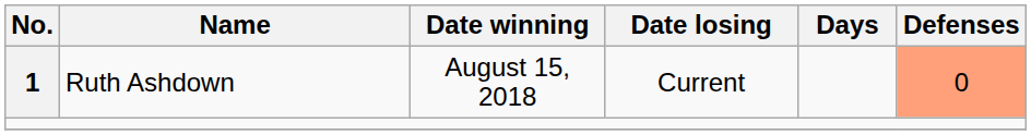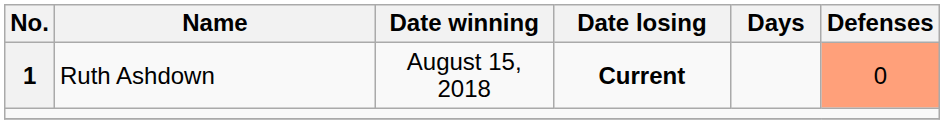 <table class="wikitable" width=100%>
 <tr>
 <th style="width:1%;">No.</th>
 <th style="width:37%;">Name</th>
 <th style="width:20%;">Date winning</th>
 <th style="width:20%;">Date losing</th>
 <th data-sort-type="number" style="width:10%;">Days</th>
 <th data-sort-type="number" style="width:10%;">Defenses</th>
 </tr>
 <tr align=center>
 <th>1</th>
 <td align=left> Ruth Ashdown</td>
 <td>August 15, 2018</td>
-<td>Current</td>
+<td><strong>Current</strong></td>
 <td></td>
 <td style="background: lightsalmon;">0</td>
 </tr>
 <tr>
 <td colspan="6"></td>
 </tr>
 <tr>
 </tr>
 </table>
